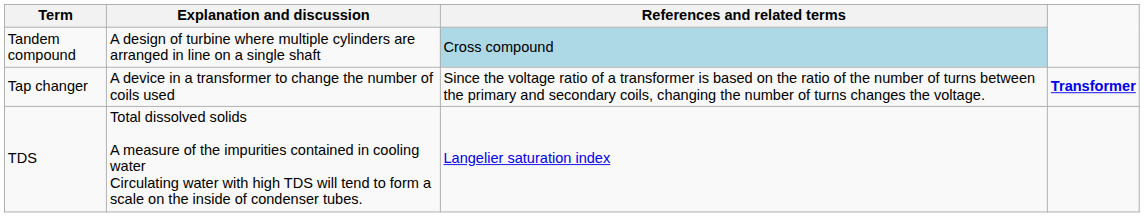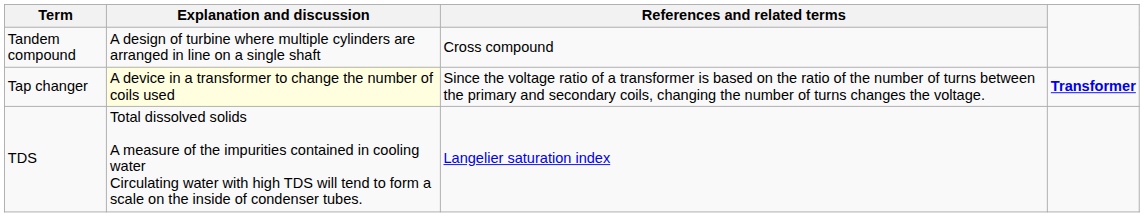 <table class="wikitable">
 <tr>
 <th>Term</th>
 <th>Explanation and discussion</th>
 <th>References and related terms</th>
 </tr>
 <tr>
 <td>Tandem compound</td>
 <td>A design of turbine where multiple cylinders are arranged in line on a single shaft</td>
-<td style="background: lightblue;">Cross compound</td>
+<td>Cross compound</td>
 </tr>
 <tr>
 <td>Tap changer</td>
-<td>A device in a transformer to change the number of coils used</td>
+<td style="background: lightyellow;">A device in a transformer to change the number of coils used</td>
 <td>Since the voltage ratio of a transformer is based on the ratio of the number of turns between the primary and secondary coils, changing the number of turns changes the voltage.</td>
 <td><strong><a href='#'>Transformer</a></strong></td>
 </tr>
 <tr>
 <td>TDS</td>
 <td>Total dissolved solids<br><br>A measure of the impurities contained in cooling water<br> Circulating water with high TDS will tend to form a scale on the inside of condenser tubes.</td>
 <td><a href='#'>Langelier saturation index</a></td>
 </tr>
 </table>
